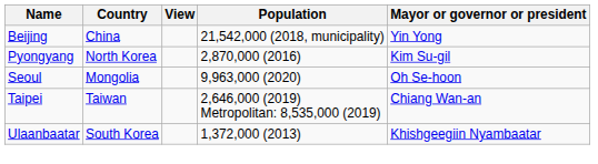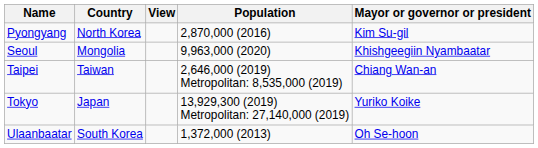 <table class="wikitable" border="1">
 <tr>
 <th>Name</th>
 <th>Country</th>
 <th>View</th>
 <th>Population</th>
 <th>Mayor or governor or president</th>
-</tr>
-<tr valign="top”">
-<td><a href='#'>Beijing</a></td>
-<td> <a href='#'>China</a></td>
-<td></td>
-<td>21,542,000 (2018, municipality)</td>
-<td><a href='#'> Yin Yong</a></td>
 </tr>
 <tr valign="top">
 <td><a href='#'>Pyongyang</a></td>
 <td> <a href='#'>North Korea</a></td>
 <td></td>
 <td>2,870,000 (2016)</td>
 <td><a href='#'>Kim Su-gil</a></td>
 </tr>
 <tr valign="top">
 <td><a href='#'>Seoul</a></td>
 <td> <a href='#'>Mongolia</a></td>
 <td></td>
 <td>9,963,000 (2020)</td>
-<td><a href='#'>Oh Se-hoon</a></td>
+<td><a href='#'>Khishgeegiin Nyambaatar</a></td>
 </tr>
 <tr valign="top">
 <td><a href='#'>Taipei</a></td>
 <td> <a href='#'>Taiwan</a></td>
 <td></td>
 <td>2,646,000 (2019)<br>Metropolitan: 8,535,000 (2019)</td>
 <td><a href='#'>Chiang Wan-an</a></td>
 </tr>
 <tr valign="top">
+<td><a href='#'>Tokyo</a></td>
+<td> <a href='#'>Japan</a></td>
+<td></td>
+<td>13,929,300 (2019)<br>Metropolitan: 27,140,000 (2019)</td>
+<td><a href='#'>Yuriko Koike</a></td>
+</tr>
+<tr valign="top">
 <td><a href='#'>Ulaanbaatar</a></td>
 <td> <a href='#'>South Korea</a></td>
 <td></td>
 <td>1,372,000 (2013)</td>
-<td><a href='#'>Khishgeegiin Nyambaatar</a></td>
+<td><a href='#'>Oh Se-hoon</a></td>
 </tr>
 </table>
